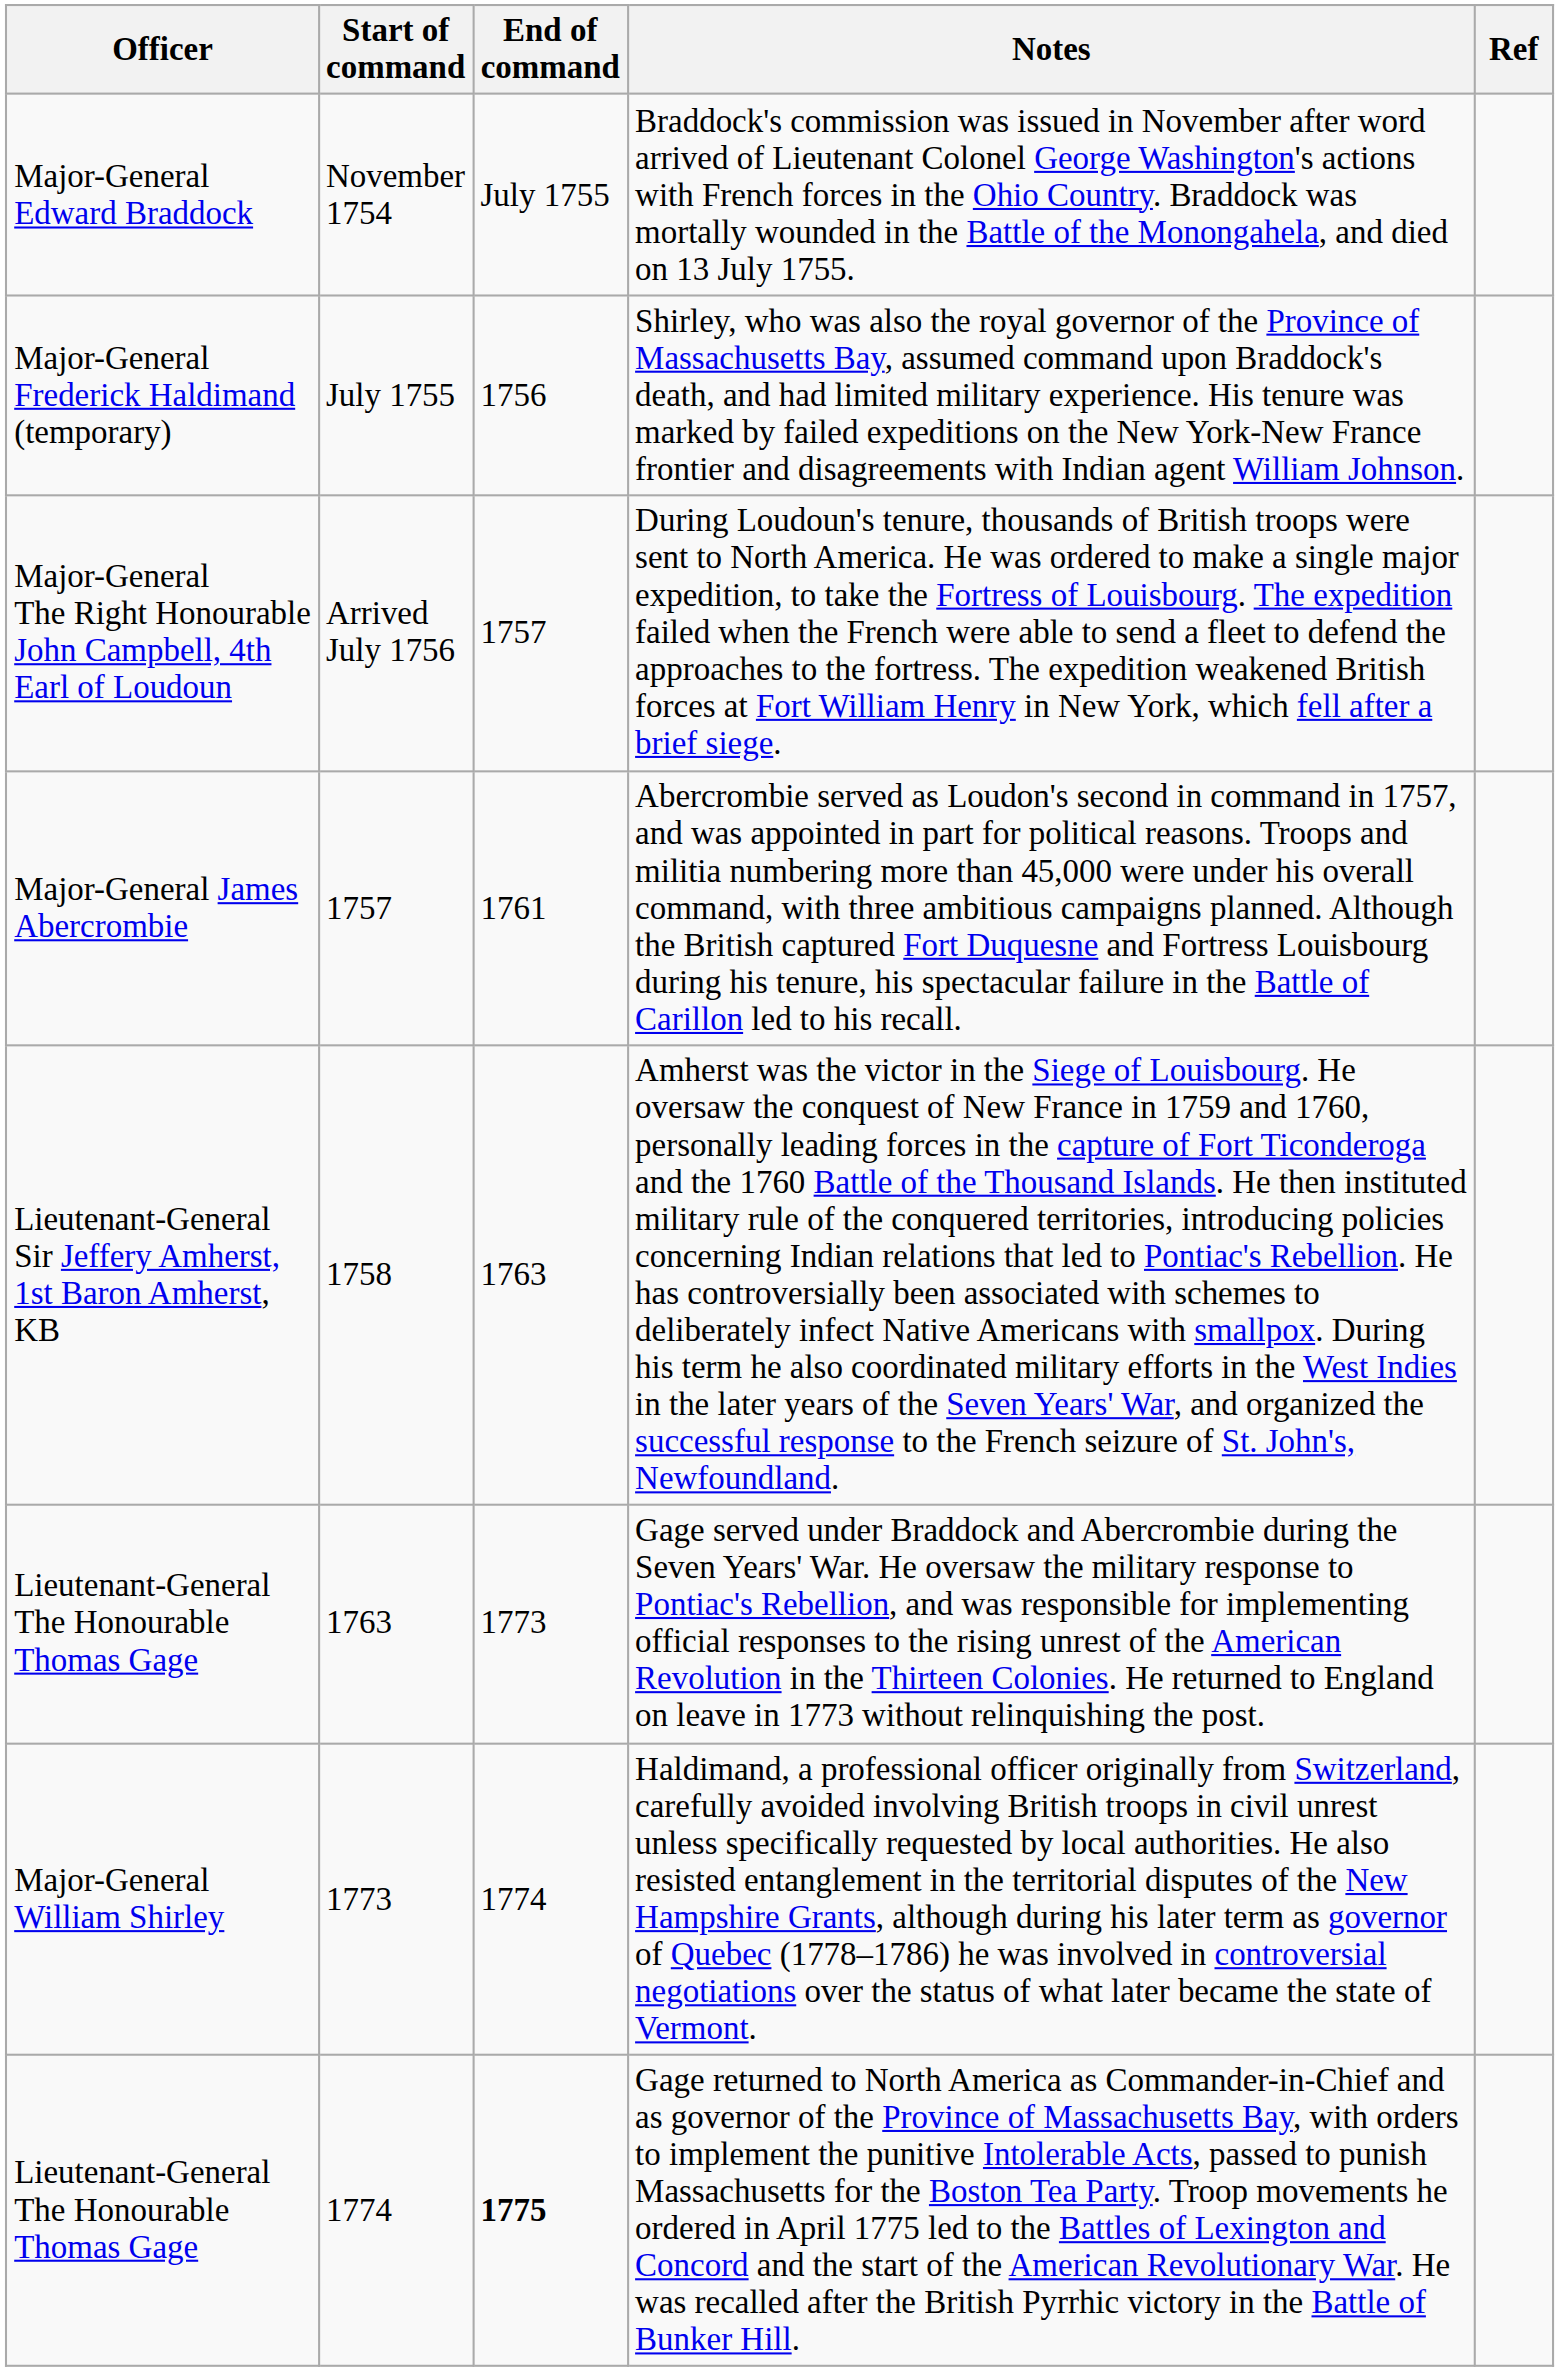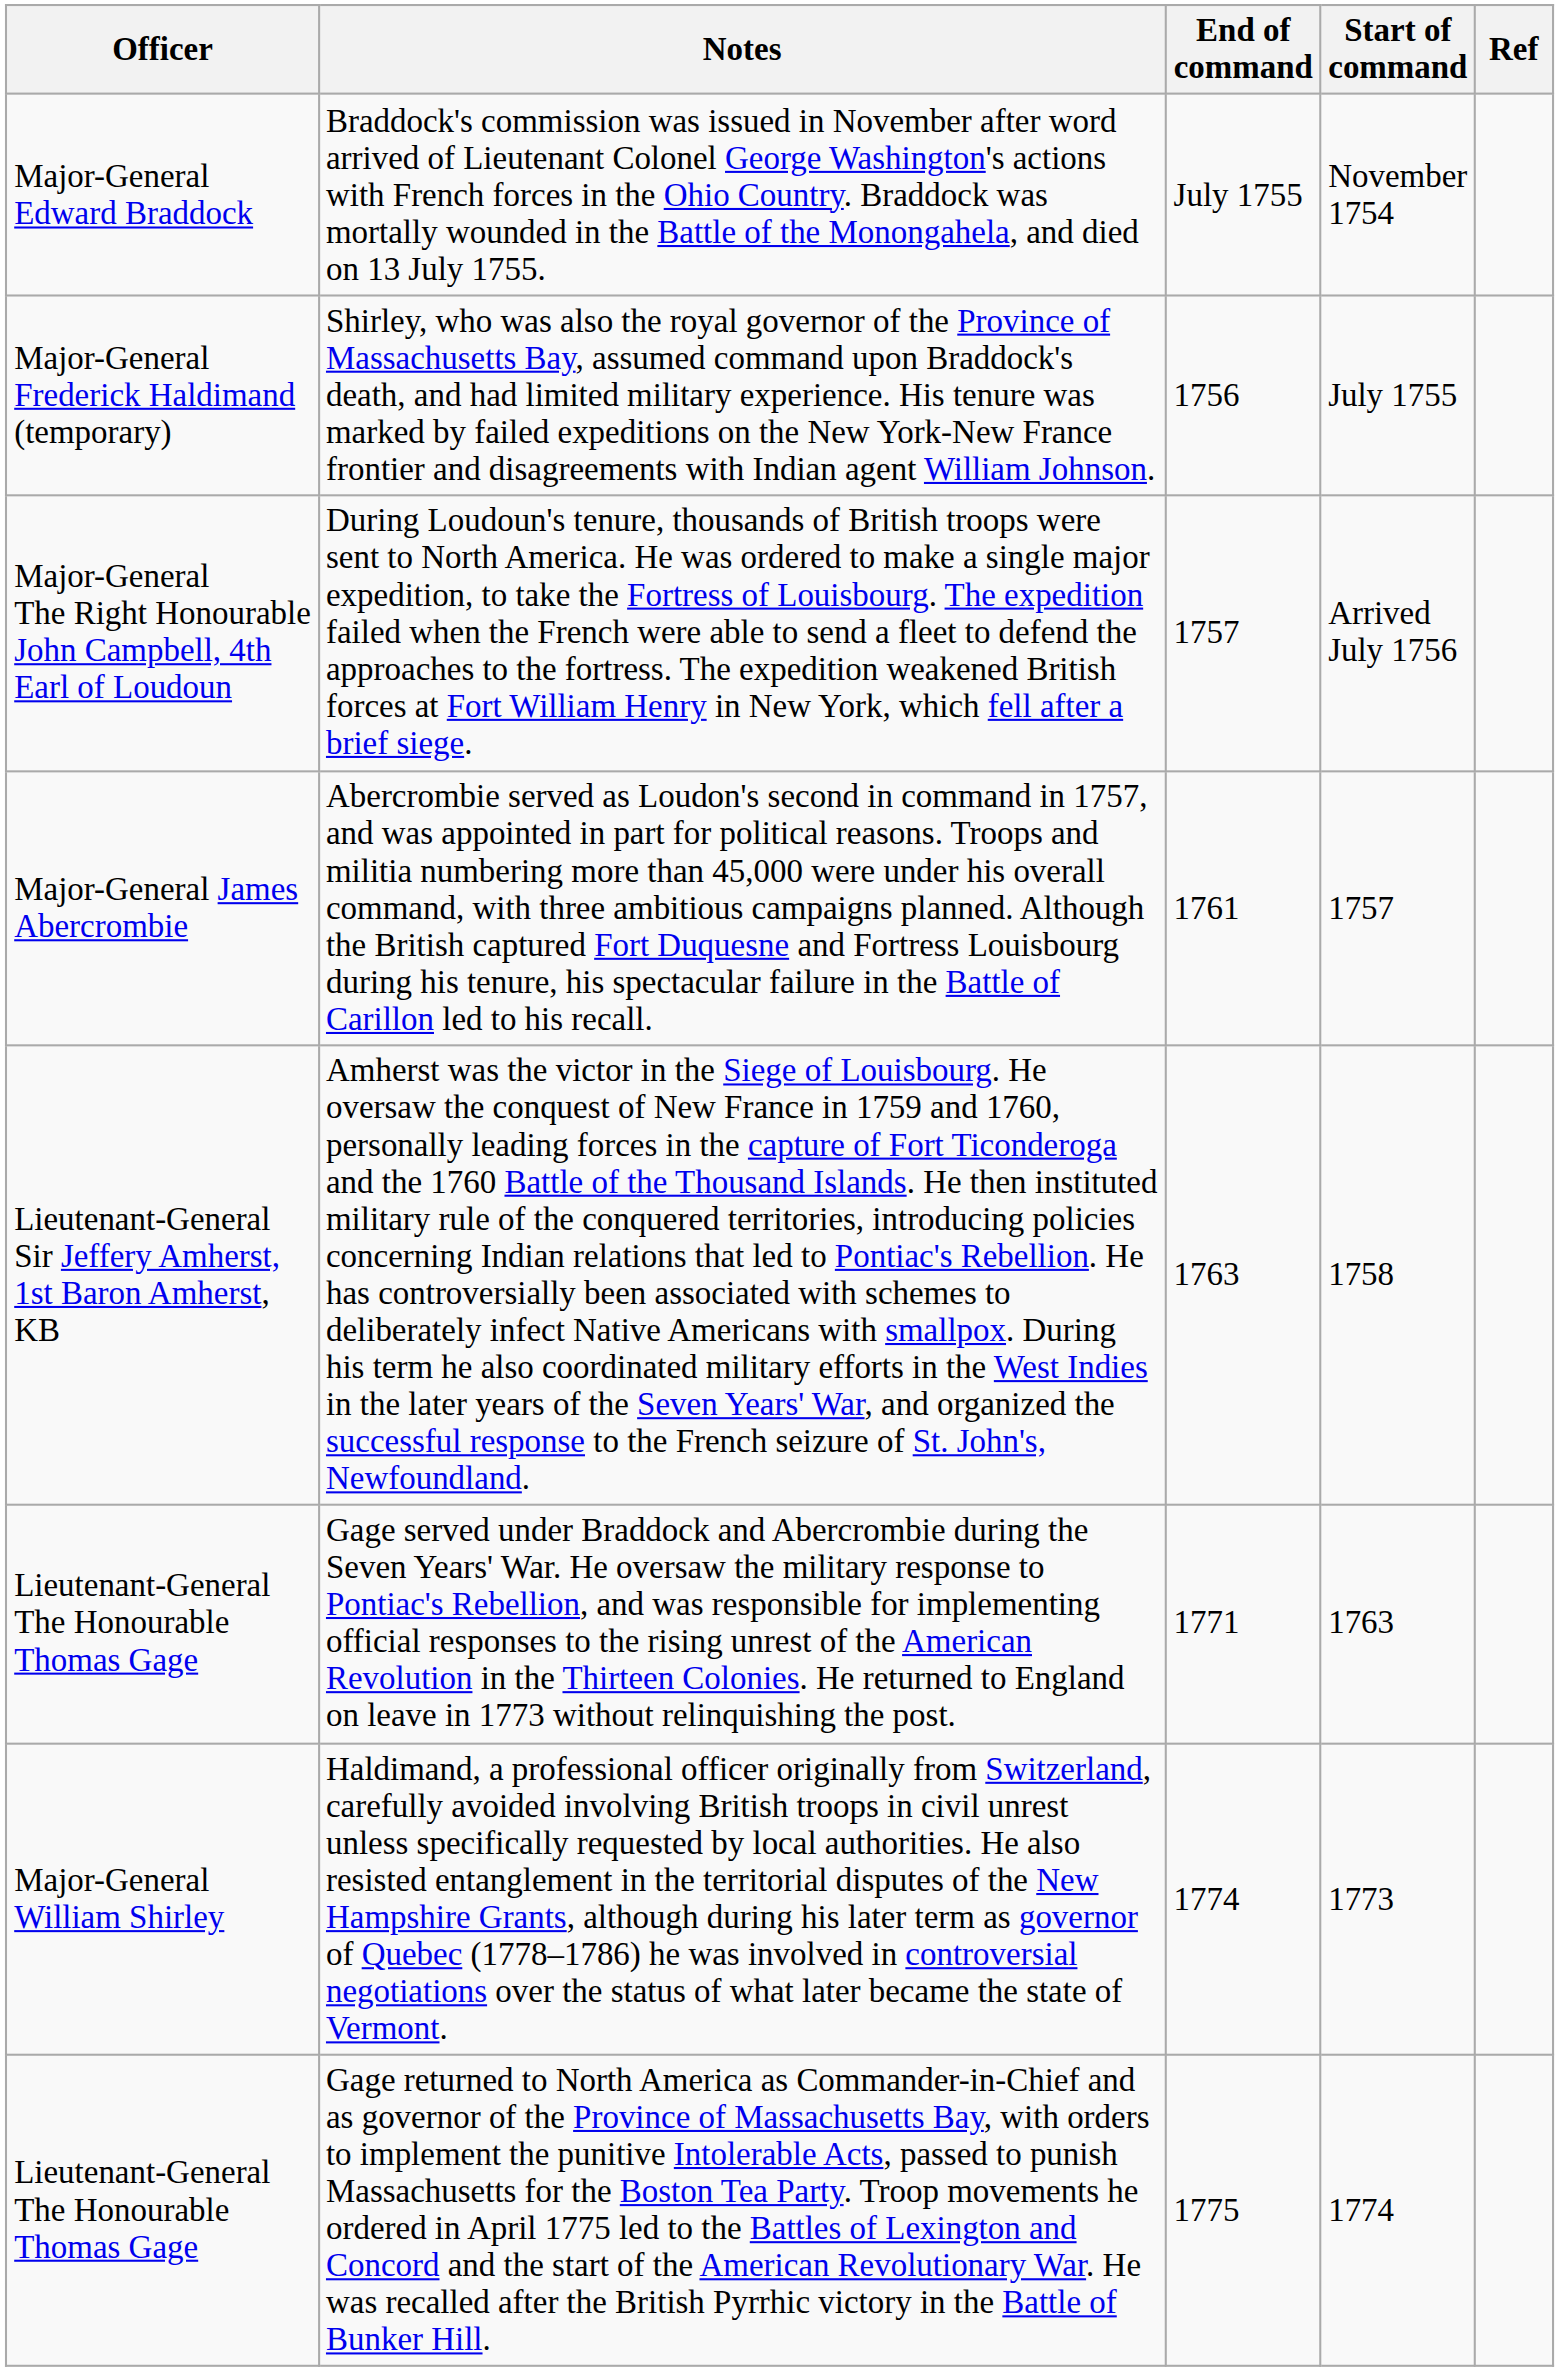 <table class="wikitable" width="85%" style="margin: 1em auto 1em auto">
 <tr>
 <th bgcolor="#f9f9f9" width=20%>Officer</th>
+<th bgcolor="#f9f9f9">Notes</th>
+<th bgcolor="#f9f9f9" width=10%>End of command</th>
 <th bgcolor="#f9f9f9" width=10%>Start of command</th>
-<th bgcolor="#f9f9f9" width=10%>End of command</th>
-<th bgcolor="#f9f9f9">Notes</th>
 <th bgcolor="#f9f9f9" width=5%>Ref</th>
 </tr>
 <tr>
 <td>Major-General <a href='#'>Edward Braddock</a></td>
+<td>Braddock's commission was issued in November after word arrived of Lieutenant Colonel <a href='#'>George Washington</a>'s actions with French forces in the <a href='#'>Ohio Country</a>.  Braddock was mortally wounded in the <a href='#'>Battle of the Monongahela</a>, and died on 13 July 1755.</td>
+<td>July 1755</td>
 <td>November 1754</td>
-<td>July 1755</td>
-<td>Braddock's commission was issued in November after word arrived of Lieutenant Colonel <a href='#'>George Washington</a>'s actions with French forces in the <a href='#'>Ohio Country</a>.  Braddock was mortally wounded in the <a href='#'>Battle of the Monongahela</a>, and died on 13 July 1755.</td>
 <td></td>
 </tr>
 <tr>
 <td>Major-General <a href='#'>Frederick Haldimand</a> (temporary)</td>
+<td>Shirley, who was also the royal governor of the <a href='#'>Province of Massachusetts Bay</a>, assumed command upon Braddock's death, and had limited military experience.  His tenure was marked by failed expeditions on the New York-New France frontier and disagreements with Indian agent <a href='#'>William Johnson</a>.</td>
+<td>1756</td>
 <td>July 1755</td>
-<td>1756</td>
-<td>Shirley, who was also the royal governor of the <a href='#'>Province of Massachusetts Bay</a>, assumed command upon Braddock's death, and had limited military experience.  His tenure was marked by failed expeditions on the New York-New France frontier and disagreements with Indian agent <a href='#'>William Johnson</a>.</td>
 <td></td>
 </tr>
 <tr>
 <td>Major-General The Right Honourable <a href='#'>John Campbell, 4th Earl of Loudoun</a></td>
+<td>During Loudoun's tenure, thousands of British troops were sent to North America.  He was ordered to make a single major expedition, to take the <a href='#'>Fortress of Louisbourg</a>.  <a href='#'>The expedition</a> failed when the French were able to send a fleet to defend the approaches to the fortress.  The expedition weakened British forces at <a href='#'>Fort William Henry</a> in New York, which <a href='#'>fell after a brief siege</a>.</td>
+<td>1757</td>
 <td>Arrived July 1756</td>
-<td>1757</td>
-<td>During Loudoun's tenure, thousands of British troops were sent to North America.  He was ordered to make a single major expedition, to take the <a href='#'>Fortress of Louisbourg</a>.  <a href='#'>The expedition</a> failed when the French were able to send a fleet to defend the approaches to the fortress.  The expedition weakened British forces at <a href='#'>Fort William Henry</a> in New York, which <a href='#'>fell after a brief siege</a>.</td>
 <td></td>
 </tr>
 <tr>
 <td>Major-General <a href='#'>James Abercrombie</a></td>
+<td>Abercrombie served as Loudon's second in command in 1757, and was appointed in part for political reasons.  Troops and militia numbering more than 45,000 were under his overall command, with three ambitious campaigns planned.  Although the British captured <a href='#'>Fort Duquesne</a> and Fortress Louisbourg during his tenure, his spectacular failure in the <a href='#'>Battle of Carillon</a> led to his recall.</td>
+<td>1761</td>
 <td>1757</td>
-<td>1761</td>
-<td>Abercrombie served as Loudon's second in command in 1757, and was appointed in part for political reasons.  Troops and militia numbering more than 45,000 were under his overall command, with three ambitious campaigns planned.  Although the British captured <a href='#'>Fort Duquesne</a> and Fortress Louisbourg during his tenure, his spectacular failure in the <a href='#'>Battle of Carillon</a> led to his recall.</td>
 <td></td>
 </tr>
 <tr>
 <td>Lieutenant-General Sir <a href='#'>Jeffery Amherst, 1st Baron Amherst</a>, KB</td>
+<td>Amherst was the victor in the <a href='#'>Siege of Louisbourg</a>.  He oversaw the conquest of New France in 1759 and 1760, personally leading forces in the <a href='#'>capture of Fort Ticonderoga</a> and the 1760 <a href='#'>Battle of the Thousand Islands</a>.  He then instituted military rule of the conquered territories, introducing policies concerning Indian relations that led to <a href='#'>Pontiac's Rebellion</a>. He has controversially been associated with schemes to deliberately infect Native Americans with <a href='#'>smallpox</a>. During his term he also coordinated military efforts in the <a href='#'>West Indies</a> in the later years of the <a href='#'>Seven Years' War</a>, and organized the <a href='#'>successful response</a> to the French seizure of <a href='#'>St. John's, Newfoundland</a>.</td>
+<td>1763</td>
 <td>1758</td>
-<td>1763</td>
-<td>Amherst was the victor in the <a href='#'>Siege of Louisbourg</a>.  He oversaw the conquest of New France in 1759 and 1760, personally leading forces in the <a href='#'>capture of Fort Ticonderoga</a> and the 1760 <a href='#'>Battle of the Thousand Islands</a>.  He then instituted military rule of the conquered territories, introducing policies concerning Indian relations that led to <a href='#'>Pontiac's Rebellion</a>. He has controversially been associated with schemes to deliberately infect Native Americans with <a href='#'>smallpox</a>. During his term he also coordinated military efforts in the <a href='#'>West Indies</a> in the later years of the <a href='#'>Seven Years' War</a>, and organized the <a href='#'>successful response</a> to the French seizure of <a href='#'>St. John's, Newfoundland</a>.</td>
 <td></td>
 </tr>
 <tr>
 <td>Lieutenant-General The Honourable <a href='#'>Thomas Gage</a></td>
+<td>Gage served under Braddock and Abercrombie during the Seven Years' War.  He oversaw the military response to <a href='#'>Pontiac's Rebellion</a>, and was responsible for implementing official responses to the rising unrest of the <a href='#'>American Revolution</a> in the <a href='#'>Thirteen Colonies</a>.  He returned to England on leave in 1773 without relinquishing the post.</td>
+<td>1771</td>
 <td>1763</td>
-<td>1773</td>
-<td>Gage served under Braddock and Abercrombie during the Seven Years' War.  He oversaw the military response to <a href='#'>Pontiac's Rebellion</a>, and was responsible for implementing official responses to the rising unrest of the <a href='#'>American Revolution</a> in the <a href='#'>Thirteen Colonies</a>.  He returned to England on leave in 1773 without relinquishing the post.</td>
 <td></td>
 </tr>
 <tr>
 <td>Major-General <a href='#'>William Shirley</a></td>
+<td>Haldimand, a professional officer originally from <a href='#'>Switzerland</a>, carefully avoided involving British troops in civil unrest unless specifically requested by local authorities.  He also resisted entanglement in the territorial disputes of the <a href='#'>New Hampshire Grants</a>, although during his later term as <a href='#'>governor</a> of <a href='#'>Quebec</a> (1778–1786) he was involved in <a href='#'>controversial negotiations</a> over the status of what later became the state of <a href='#'>Vermont</a>.</td>
+<td>1774</td>
 <td>1773</td>
-<td>1774</td>
-<td>Haldimand, a professional officer originally from <a href='#'>Switzerland</a>, carefully avoided involving British troops in civil unrest unless specifically requested by local authorities.  He also resisted entanglement in the territorial disputes of the <a href='#'>New Hampshire Grants</a>, although during his later term as <a href='#'>governor</a> of <a href='#'>Quebec</a> (1778–1786) he was involved in <a href='#'>controversial negotiations</a> over the status of what later became the state of <a href='#'>Vermont</a>.</td>
 <td></td>
 </tr>
 <tr>
 <td>Lieutenant-General The Honourable <a href='#'>Thomas Gage</a></td>
+<td>Gage returned to North America as Commander-in-Chief and as governor of the <a href='#'>Province of Massachusetts Bay</a>, with orders to implement the punitive <a href='#'>Intolerable Acts</a>, passed to punish Massachusetts for the <a href='#'>Boston Tea Party</a>.  Troop movements he ordered in April 1775 led to the <a href='#'>Battles of Lexington and Concord</a> and the start of the <a href='#'>American Revolutionary War</a>.  He was recalled after the British Pyrrhic victory in the <a href='#'>Battle of Bunker Hill</a>.</td>
+<td>1775</td>
 <td>1774</td>
-<td><strong>1775</strong></td>
-<td>Gage returned to North America as Commander-in-Chief and as governor of the <a href='#'>Province of Massachusetts Bay</a>, with orders to implement the punitive <a href='#'>Intolerable Acts</a>, passed to punish Massachusetts for the <a href='#'>Boston Tea Party</a>.  Troop movements he ordered in April 1775 led to the <a href='#'>Battles of Lexington and Concord</a> and the start of the <a href='#'>American Revolutionary War</a>.  He was recalled after the British Pyrrhic victory in the <a href='#'>Battle of Bunker Hill</a>.</td>
 <td></td>
 </tr>
 </table>
